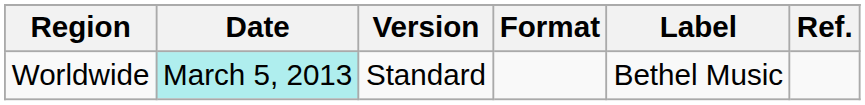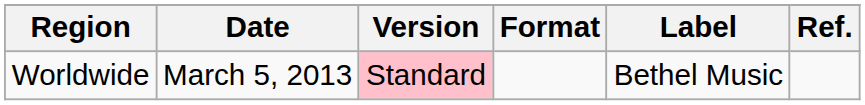 <table class="wikitable plainrowheaders">
 <tr>
 </tr>
 <tr>
 <th scope="col">Region</th>
 <th scope="col">Date</th>
 <th scope="col">Version</th>
 <th scope="col">Format</th>
 <th scope="col">Label</th>
 <th scope="col">Ref.</th>
 </tr>
 <tr>
 <td>Worldwide</td>
-<td style="background: paleturquoise;">March 5, 2013</td>
-<td>Standard</td>
+<td>March 5, 2013</td>
+<td style="background: pink;">Standard</td>
 <td></td>
 <td>Bethel Music</td>
 <td></td>
 </tr>
 </table>
